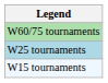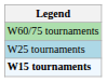 <table class="wikitable" style=font-size:85%;>
 <tr>
 <th>Legend</th>
 </tr>
 <tr style="background:#addfad;">
 <td>W60/75 tournaments</td>
 </tr>
 <tr style="background:lightblue;">
 <td>W25 tournaments</td>
 </tr>
 <tr style="background:#f0f8ff;">
-<td>W15 tournaments</td>
+<td><strong>W15 tournaments</strong></td>
 </tr>
 </table>
